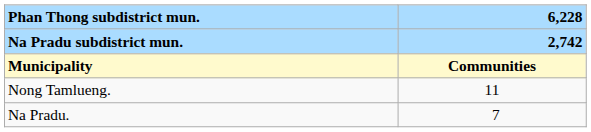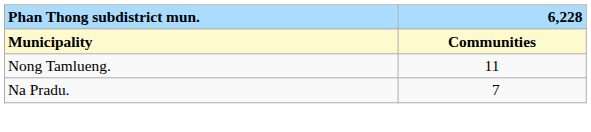 <table class="wikitable" style="width:48%; display:inline-table;">
 <tr>
 <td style= "background: #aadcff;"><strong>Phan Thong subdistrict mun.</strong></td>
 <td style= "background: #aadcff; text-align:right;"><strong>6,228</strong></td>
-</tr>
-<tr>
-<td style= "background: #aadcff;"><strong>Na Pradu subdistrict mun.</strong></td>
-<td style= "background: #aadcff; text-align:right;"><strong>2,742</strong></td>
 </tr>
 <tr>
 <td style= "background: #fffacd;"><strong>Municipality</strong></td>
 <td style= "background: #fffacd; text-align:center;"><strong>Communities</strong></td>
 </tr>
 <tr>
 <td>Nong Tamlueng.</td>
 <td style="text-align:center;">11</td>
 </tr>
 <tr>
 <td>Na Pradu.</td>
 <td style="text-align:center;">  7</td>
 </tr>
 </table>
